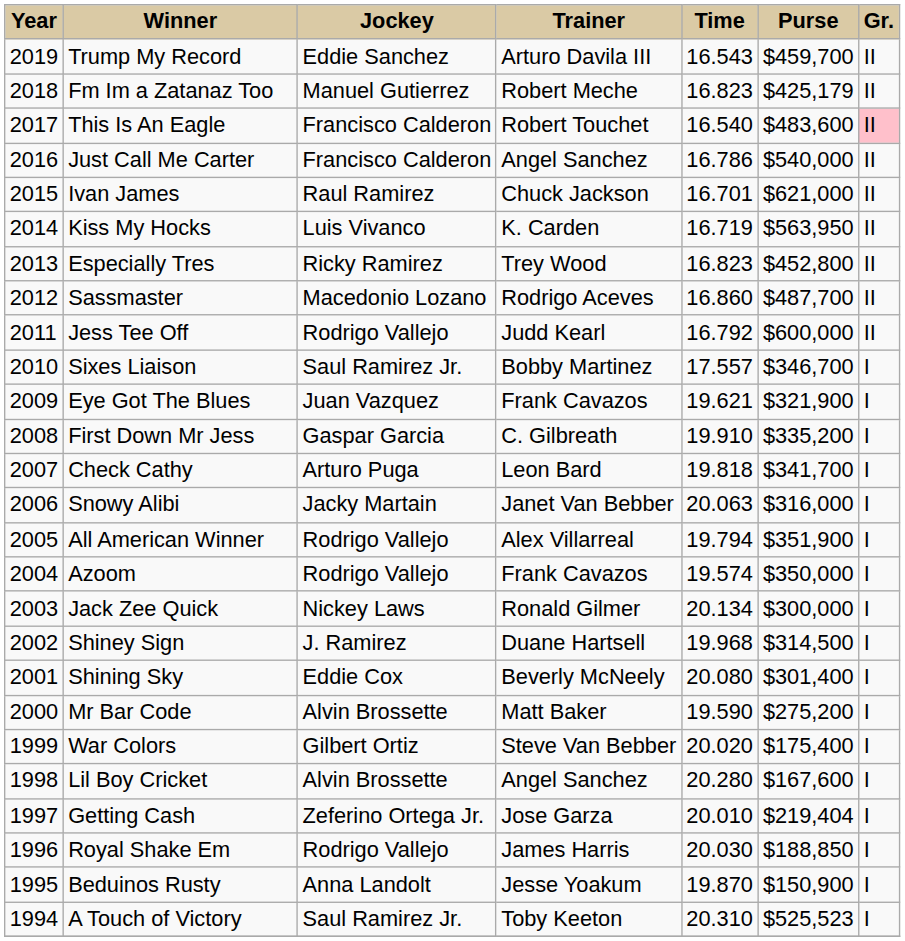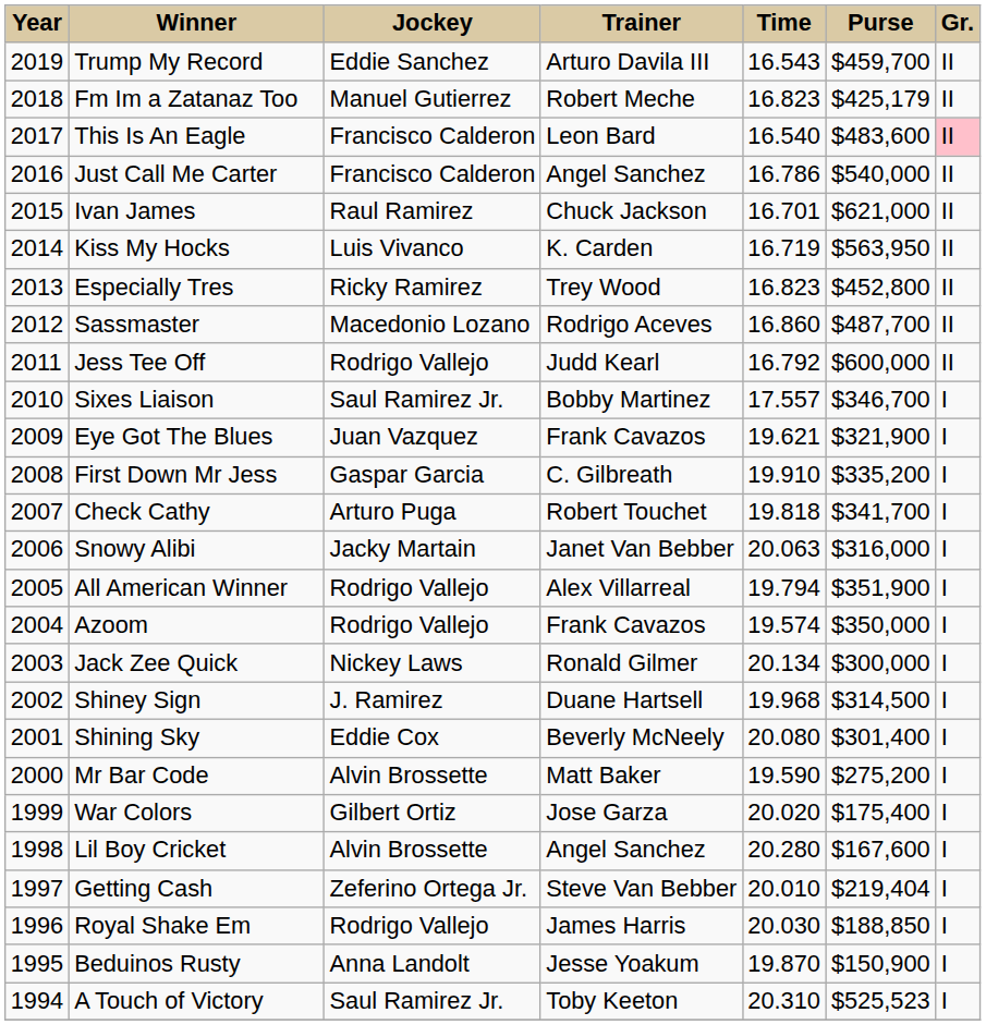 <table class="wikitable sortable">
 <tr>
 <th style="background:#DACAA5;">Year<br></th>
 <th style="background:#DACAA5; width:165px">Winner<br></th>
 <th style="background:#DACAA5;">Jockey<br></th>
 <th style="background:#DACAA5;">Trainer<br></th>
 <th style="background:#DACAA5">Time<br></th>
 <th style="background:#DACAA5;">Purse<br></th>
 <th style="background:#DACAA5">Gr.</th>
 </tr>
 <tr>
 <td>2019</td>
 <td>Trump My Record</td>
 <td>Eddie Sanchez</td>
 <td>Arturo Davila III</td>
 <td>16.543</td>
 <td>$459,700</td>
 <td>II</td>
 </tr>
 <tr>
 <td>2018</td>
 <td>Fm Im a Zatanaz Too</td>
 <td>Manuel Gutierrez</td>
 <td>Robert Meche</td>
 <td>16.823</td>
 <td>$425,179</td>
 <td>II</td>
 </tr>
 <tr>
 <td>2017</td>
 <td>This Is An Eagle</td>
 <td>Francisco Calderon</td>
-<td>Robert Touchet</td>
+<td>Leon Bard</td>
 <td>16.540</td>
 <td>$483,600</td>
 <td style="background: pink;">II</td>
 </tr>
 <tr>
 <td>2016</td>
 <td>Just Call Me Carter</td>
 <td>Francisco Calderon</td>
 <td>Angel Sanchez</td>
 <td>16.786</td>
 <td>$540,000</td>
 <td>II</td>
 </tr>
 <tr>
 <td>2015</td>
 <td>Ivan James</td>
 <td>Raul Ramirez</td>
 <td>Chuck Jackson</td>
 <td>16.701</td>
 <td>$621,000</td>
 <td>II</td>
 </tr>
 <tr>
 <td>2014</td>
 <td>Kiss My Hocks</td>
 <td>Luis Vivanco</td>
 <td>K. Carden</td>
 <td>16.719</td>
 <td>$563,950</td>
 <td>II</td>
 </tr>
 <tr>
 <td>2013</td>
 <td>Especially Tres</td>
 <td>Ricky Ramirez</td>
 <td>Trey Wood</td>
 <td>16.823</td>
 <td>$452,800</td>
 <td>II</td>
 </tr>
 <tr>
 <td>2012</td>
 <td>Sassmaster</td>
 <td>Macedonio Lozano</td>
 <td>Rodrigo Aceves</td>
 <td>16.860</td>
 <td>$487,700</td>
 <td>II</td>
 </tr>
 <tr>
 <td>2011</td>
 <td>Jess Tee Off</td>
 <td>Rodrigo Vallejo</td>
 <td>Judd Kearl</td>
 <td>16.792</td>
 <td>$600,000</td>
 <td>II</td>
 </tr>
 <tr>
 <td>2010</td>
 <td>Sixes Liaison</td>
 <td>Saul Ramirez Jr.</td>
 <td>Bobby Martinez</td>
 <td>17.557</td>
 <td>$346,700</td>
 <td>I</td>
 </tr>
 <tr>
 <td>2009</td>
 <td>Eye Got The Blues</td>
 <td>Juan Vazquez</td>
 <td>Frank Cavazos</td>
 <td>19.621</td>
 <td>$321,900</td>
 <td>I</td>
 </tr>
 <tr>
 <td>2008</td>
 <td>First Down Mr Jess</td>
 <td>Gaspar Garcia</td>
 <td>C. Gilbreath</td>
 <td>19.910</td>
 <td>$335,200</td>
 <td>I</td>
 </tr>
 <tr>
 <td>2007</td>
 <td>Check Cathy</td>
 <td>Arturo Puga</td>
-<td>Leon Bard</td>
+<td>Robert Touchet</td>
 <td>19.818</td>
 <td>$341,700</td>
 <td>I</td>
 </tr>
 <tr>
 <td>2006</td>
 <td>Snowy Alibi</td>
 <td>Jacky Martain</td>
 <td>Janet Van Bebber</td>
 <td>20.063</td>
 <td>$316,000</td>
 <td>I</td>
 </tr>
 <tr>
 <td>2005</td>
 <td>All American Winner</td>
 <td>Rodrigo Vallejo</td>
 <td>Alex Villarreal</td>
 <td>19.794</td>
 <td>$351,900</td>
 <td>I</td>
 </tr>
 <tr>
 <td>2004</td>
 <td>Azoom</td>
 <td>Rodrigo Vallejo</td>
 <td>Frank Cavazos</td>
 <td>19.574</td>
 <td>$350,000</td>
 <td>I</td>
 </tr>
 <tr>
 <td>2003</td>
 <td>Jack Zee Quick</td>
 <td>Nickey Laws</td>
 <td>Ronald Gilmer</td>
 <td>20.134</td>
 <td>$300,000</td>
 <td>I</td>
 </tr>
 <tr>
 <td>2002</td>
 <td>Shiney Sign</td>
 <td>J. Ramirez</td>
 <td>Duane Hartsell</td>
 <td>19.968</td>
 <td>$314,500</td>
 <td>I</td>
 </tr>
 <tr>
 <td>2001</td>
 <td>Shining Sky</td>
 <td>Eddie Cox</td>
 <td>Beverly McNeely</td>
 <td>20.080</td>
 <td>$301,400</td>
 <td>I</td>
 </tr>
 <tr>
 <td>2000</td>
 <td>Mr Bar Code</td>
 <td>Alvin Brossette</td>
 <td>Matt Baker</td>
 <td>19.590</td>
 <td>$275,200</td>
 <td>I</td>
 </tr>
 <tr>
 <td>1999</td>
 <td>War Colors</td>
 <td>Gilbert Ortiz</td>
-<td>Steve Van Bebber</td>
+<td>Jose Garza</td>
 <td>20.020</td>
 <td>$175,400</td>
 <td>I</td>
 </tr>
 <tr>
 <td>1998</td>
 <td>Lil Boy Cricket</td>
 <td>Alvin Brossette</td>
 <td>Angel Sanchez</td>
 <td>20.280</td>
 <td>$167,600</td>
 <td>I</td>
 </tr>
 <tr>
 <td>1997</td>
 <td>Getting Cash</td>
 <td>Zeferino Ortega Jr.</td>
-<td>Jose Garza</td>
+<td>Steve Van Bebber</td>
 <td>20.010</td>
 <td>$219,404</td>
 <td>I</td>
 </tr>
 <tr>
 <td>1996</td>
 <td>Royal Shake Em</td>
 <td>Rodrigo Vallejo</td>
 <td>James Harris</td>
 <td>20.030</td>
 <td>$188,850</td>
 <td>I</td>
 </tr>
 <tr>
 <td>1995</td>
 <td>Beduinos Rusty</td>
 <td>Anna Landolt</td>
 <td>Jesse Yoakum</td>
 <td>19.870</td>
 <td>$150,900</td>
 <td>I</td>
 </tr>
 <tr>
 <td>1994</td>
 <td>A Touch of Victory</td>
 <td>Saul Ramirez Jr.</td>
 <td>Toby Keeton</td>
 <td>20.310</td>
 <td>$525,523</td>
 <td>I</td>
 </tr>
 <tr>
 </tr>
 </table>
